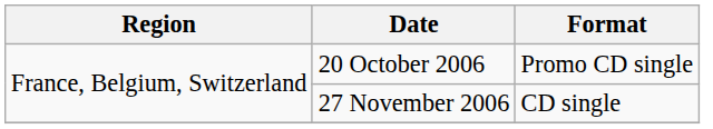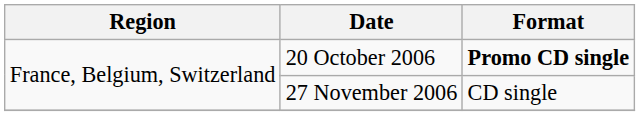 <table class="wikitable" border="1">
 <tr>
 <th>Region</th>
 <th>Date</th>
 <th>Format</th>
 </tr>
 <tr>
 <td rowspan=2>France, Belgium, Switzerland</td>
 <td>20 October 2006</td>
-<td>Promo CD single</td>
+<td><strong>Promo CD single</strong></td>
 </tr>
 <tr>
 <td>27 November 2006</td>
 <td>CD single</td>
 </tr>
 <tr>
 </tr>
 </table>
